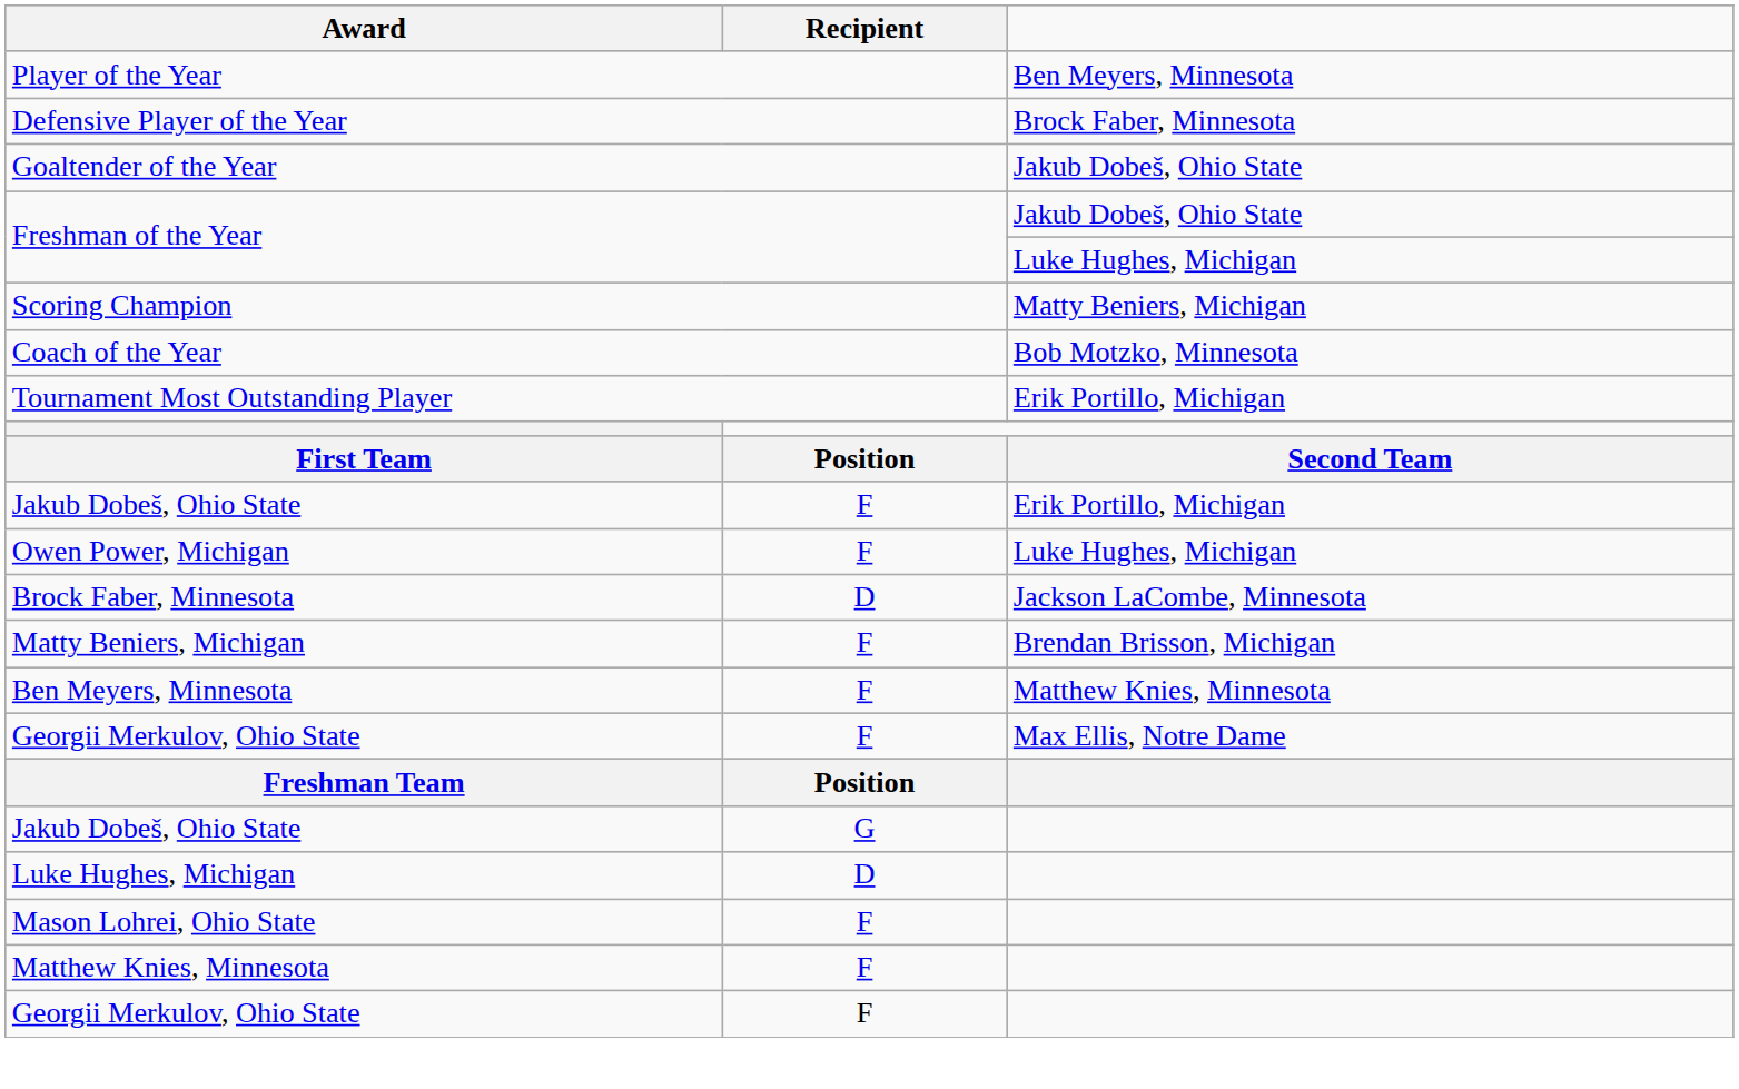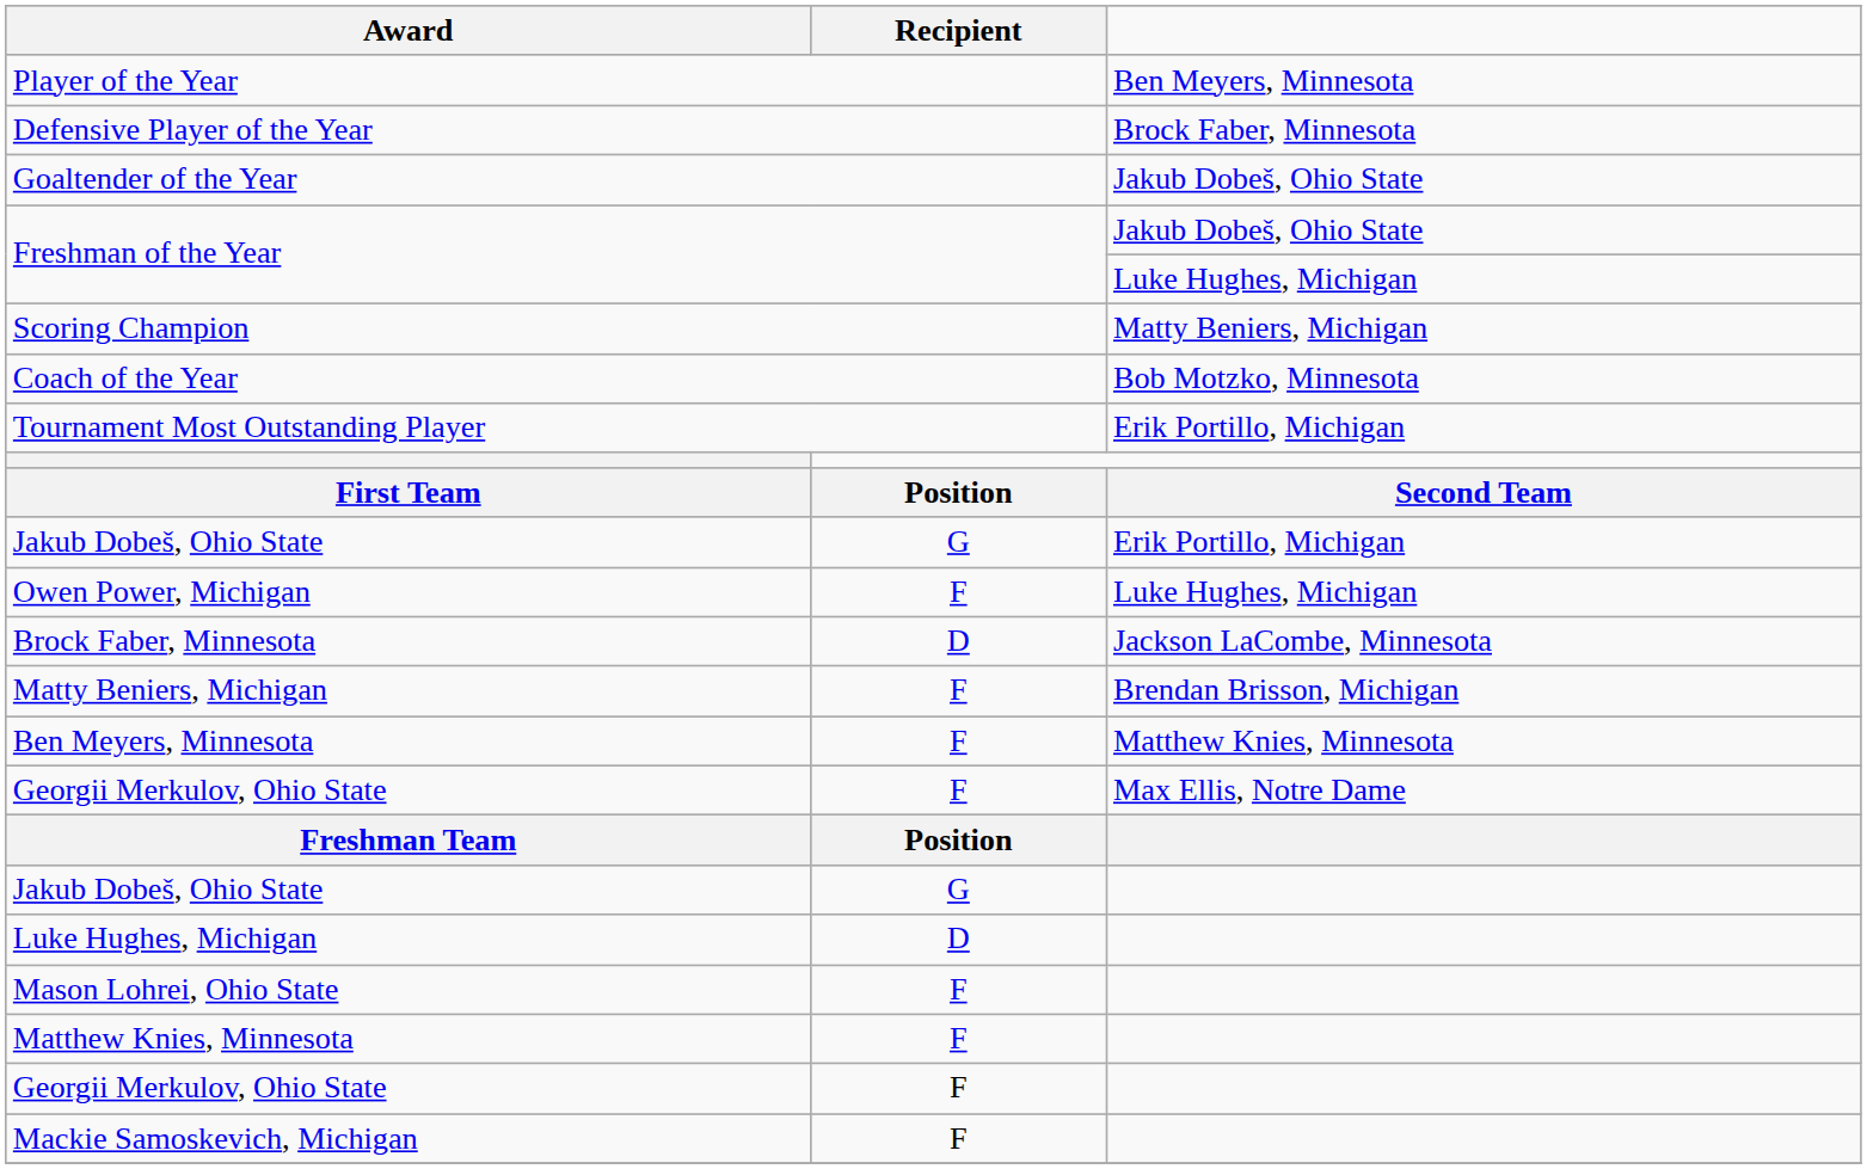 <table class="wikitable" width=75%>
 <tr>
 <th>Award</th>
 <th>Recipient </th>
 </tr>
 <tr>
 <td colspan=2><a href='#'>Player of the Year</a></td>
 <td><a href='#'>Ben Meyers</a>, <a href='#'>Minnesota</a></td>
 </tr>
 <tr>
 <td colspan=2><a href='#'>Defensive Player of the Year</a></td>
 <td><a href='#'>Brock Faber</a>, <a href='#'>Minnesota</a></td>
 </tr>
 <tr>
 <td colspan=2><a href='#'>Goaltender of the Year</a></td>
 <td><a href='#'>Jakub Dobeš</a>, <a href='#'>Ohio State</a></td>
 </tr>
 <tr>
 <td colspan=2, rowspan=2><a href='#'>Freshman of the Year</a></td>
 <td><a href='#'>Jakub Dobeš</a>, <a href='#'>Ohio State</a></td>
 </tr>
 <tr>
 <td><a href='#'>Luke Hughes</a>, <a href='#'>Michigan</a></td>
 </tr>
 <tr>
 <td colspan=2><a href='#'>Scoring Champion</a></td>
 <td><a href='#'>Matty Beniers</a>, <a href='#'>Michigan</a></td>
 </tr>
 <tr>
 <td colspan=2><a href='#'>Coach of the Year</a></td>
 <td><a href='#'>Bob Motzko</a>, <a href='#'>Minnesota</a></td>
 </tr>
 <tr>
 <td colspan=2><a href='#'>Tournament Most Outstanding Player</a></td>
 <td><a href='#'>Erik Portillo</a>, <a href='#'>Michigan</a></td>
 </tr>
 <tr>
 <th><a href='#'></a></th>
 </tr>
 <tr>
 <th><a href='#'>First Team</a></th>
 <th>  Position  </th>
 <th><a href='#'>Second Team</a></th>
 </tr>
 <tr>
 <td><a href='#'>Jakub Dobeš</a>, <a href='#'>Ohio State</a></td>
-<td align=center><a href='#'>F</a></td>
+<td align=center><a href='#'>G</a></td>
 <td><a href='#'>Erik Portillo</a>, <a href='#'>Michigan</a></td>
 </tr>
 <tr>
 <td><a href='#'>Owen Power</a>, <a href='#'>Michigan</a></td>
 <td align=center><a href='#'>F</a></td>
 <td><a href='#'>Luke Hughes</a>, <a href='#'>Michigan</a></td>
 </tr>
 <tr>
 <td><a href='#'>Brock Faber</a>, <a href='#'>Minnesota</a></td>
 <td align=center><a href='#'>D</a></td>
 <td><a href='#'>Jackson LaCombe</a>, <a href='#'>Minnesota</a></td>
 </tr>
 <tr>
 <td><a href='#'>Matty Beniers</a>, <a href='#'>Michigan</a></td>
 <td align=center><a href='#'>F</a></td>
 <td><a href='#'>Brendan Brisson</a>, <a href='#'>Michigan</a></td>
 </tr>
 <tr>
 <td><a href='#'>Ben Meyers</a>, <a href='#'>Minnesota</a></td>
 <td align=center><a href='#'>F</a></td>
 <td><a href='#'>Matthew Knies</a>, <a href='#'>Minnesota</a></td>
 </tr>
 <tr>
 <td><a href='#'>Georgii Merkulov</a>, <a href='#'>Ohio State</a></td>
 <td align=center><a href='#'>F</a></td>
 <td><a href='#'>Max Ellis</a>, <a href='#'>Notre Dame</a></td>
 </tr>
 <tr>
 <th><a href='#'>Freshman Team</a></th>
 <th>  Position  </th>
 <th></th>
 </tr>
 <tr>
 <td><a href='#'>Jakub Dobeš</a>, <a href='#'>Ohio State</a></td>
 <td align=center><a href='#'>G</a></td>
 <td></td>
 </tr>
 <tr>
 <td><a href='#'>Luke Hughes</a>, <a href='#'>Michigan</a></td>
 <td align=center><a href='#'>D</a></td>
 <td></td>
 </tr>
 <tr>
 <td><a href='#'>Mason Lohrei</a>, <a href='#'>Ohio State</a></td>
 <td align=center><a href='#'>F</a></td>
 <td></td>
 </tr>
 <tr>
 <td><a href='#'>Matthew Knies</a>, <a href='#'>Minnesota</a></td>
 <td align=center><a href='#'>F</a></td>
 <td></td>
 </tr>
 <tr>
 <td><a href='#'>Georgii Merkulov</a>, <a href='#'>Ohio State</a></td>
 <td align=center>F</td>
 <td></td>
 </tr>
 <tr>
+<td><a href='#'>Mackie Samoskevich</a>, <a href='#'>Michigan</a></td>
+<td align=center>F</td>
+<td></td>
+</tr>
+<tr>
 </tr>
 </table>
